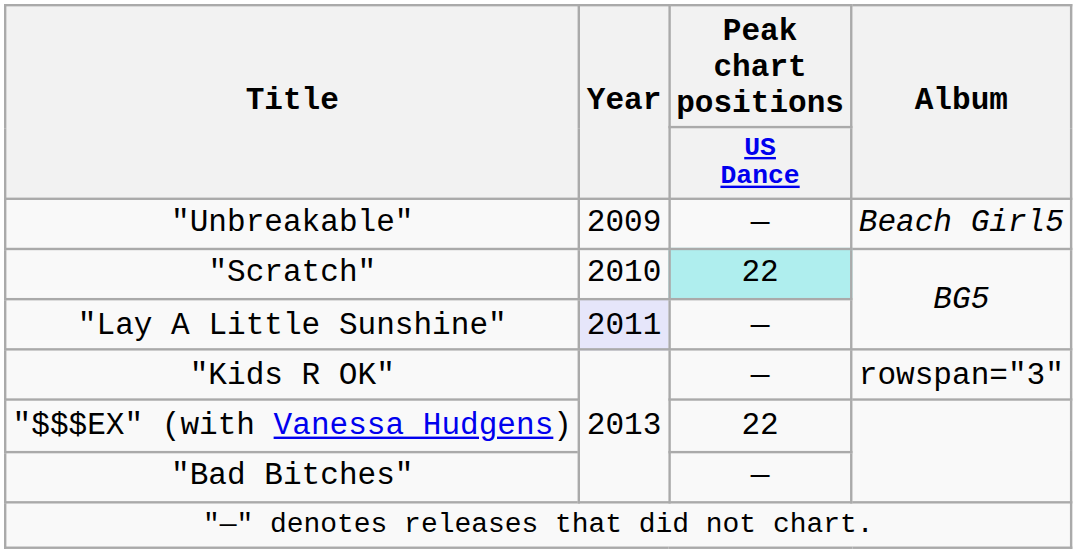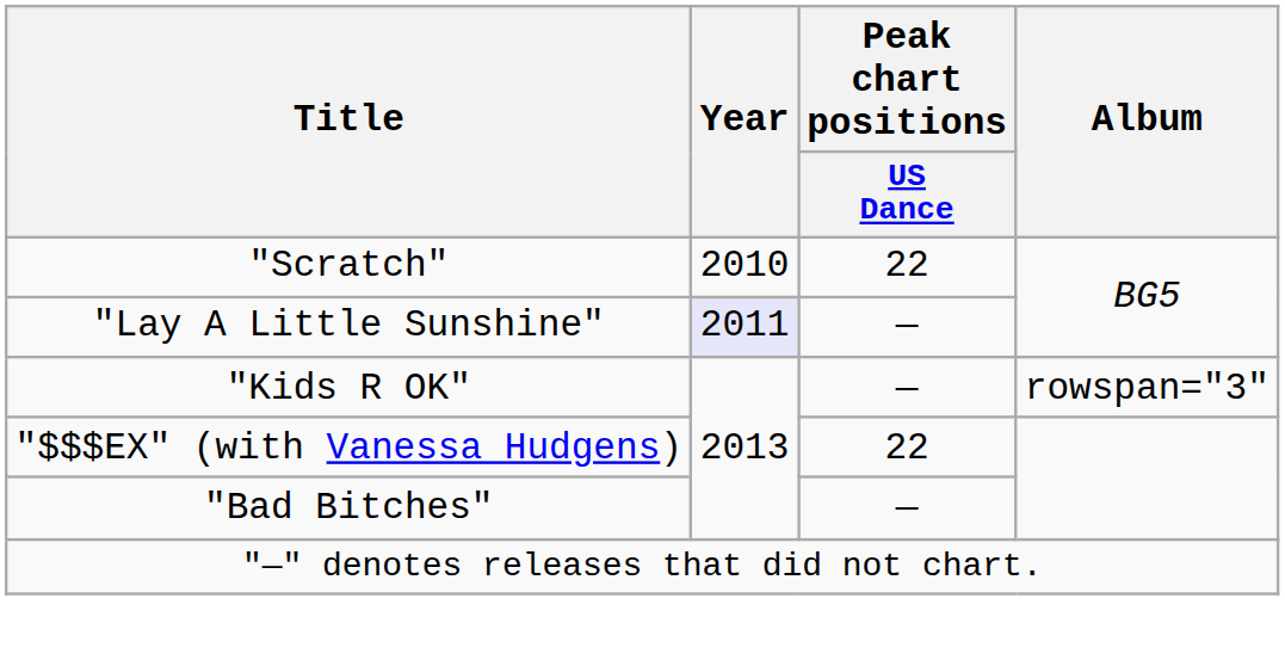 <table class="wikitable plainrowheaders" style="text-align:center;">
 <tr>
 <th rowspan="2">Title</th>
 <th rowspan="2">Year</th>
 <th colspan="1">Peak chart positions</th>
 <th rowspan="2">Album</th>
 </tr>
 <tr>
 <th scope="col" style="width:4em;font-size:85%;"><a href='#'>US<br>Dance</a><br></th>
 </tr>
 <tr>
-<td>"Unbreakable"</td>
-<td rowspan="1">2009</td>
-<td>—</td>
-<td><em>Beach Girl5</em></td>
-</tr>
-<tr>
 <td>"Scratch"</td>
 <td>2010</td>
-<td style="background: paleturquoise;">22</td>
+<td>22</td>
 <td rowspan="2"><em>BG5</em></td>
 </tr>
 <tr>
 <td>"Lay A Little Sunshine"</td>
 <td style="background: lavender;">2011</td>
 <td>—</td>
 </tr>
 <tr>
 <td>"Kids R OK"</td>
 <td rowspan="3">2013</td>
 <td>—</td>
 <td>rowspan="3" </td>
 </tr>
 <tr>
 <td>"$$$EX" (with <a href='#'>Vanessa Hudgens</a>)</td>
 <td>22</td>
 </tr>
 <tr>
 <td>"Bad Bitches"</td>
 <td>—</td>
 </tr>
 <tr>
 <td colspan="4" style="font-size:90%">"—" denotes releases that did not chart.</td>
 </tr>
 </table>
